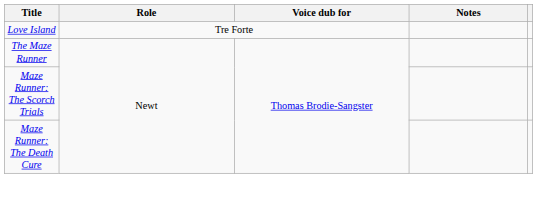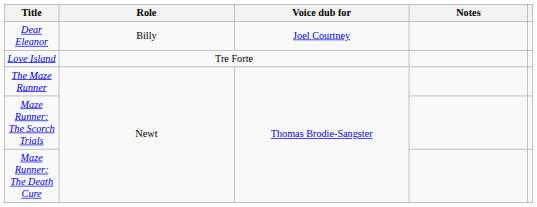 <table class="wikitable" style="text-align:center; font-size:0.9em;">
 <tr>
 <th width="70">Title</th>
 <th width="240">Role</th>
 <th width="240">Voice dub for</th>
 <th width="160">Notes</th>
 <th></th>
+</tr>
+<tr>
+<td><em><a href='#'>Dear Eleanor</a></em></td>
+<td>Billy</td>
+<td><a href='#'>Joel Courtney</a></td>
+<td></td>
+<td></td>
 </tr>
 <tr>
 <td><em><a href='#'>Love Island</a></em></td>
 <td colspan="2">Tre Forte</td>
 <td></td>
 <td></td>
 </tr>
 <tr>
 <td><em><a href='#'>The Maze Runner</a></em></td>
 <td rowspan="3">Newt</td>
 <td rowspan="3"><a href='#'>Thomas Brodie-Sangster</a></td>
 <td></td>
 <td></td>
 </tr>
 <tr>
 <td><em><a href='#'>Maze Runner: The Scorch Trials</a></em></td>
 <td></td>
 <td></td>
 </tr>
 <tr>
 <td><em><a href='#'>Maze Runner: The Death Cure</a></em></td>
 <td></td>
 <td></td>
 </tr>
 </table>
